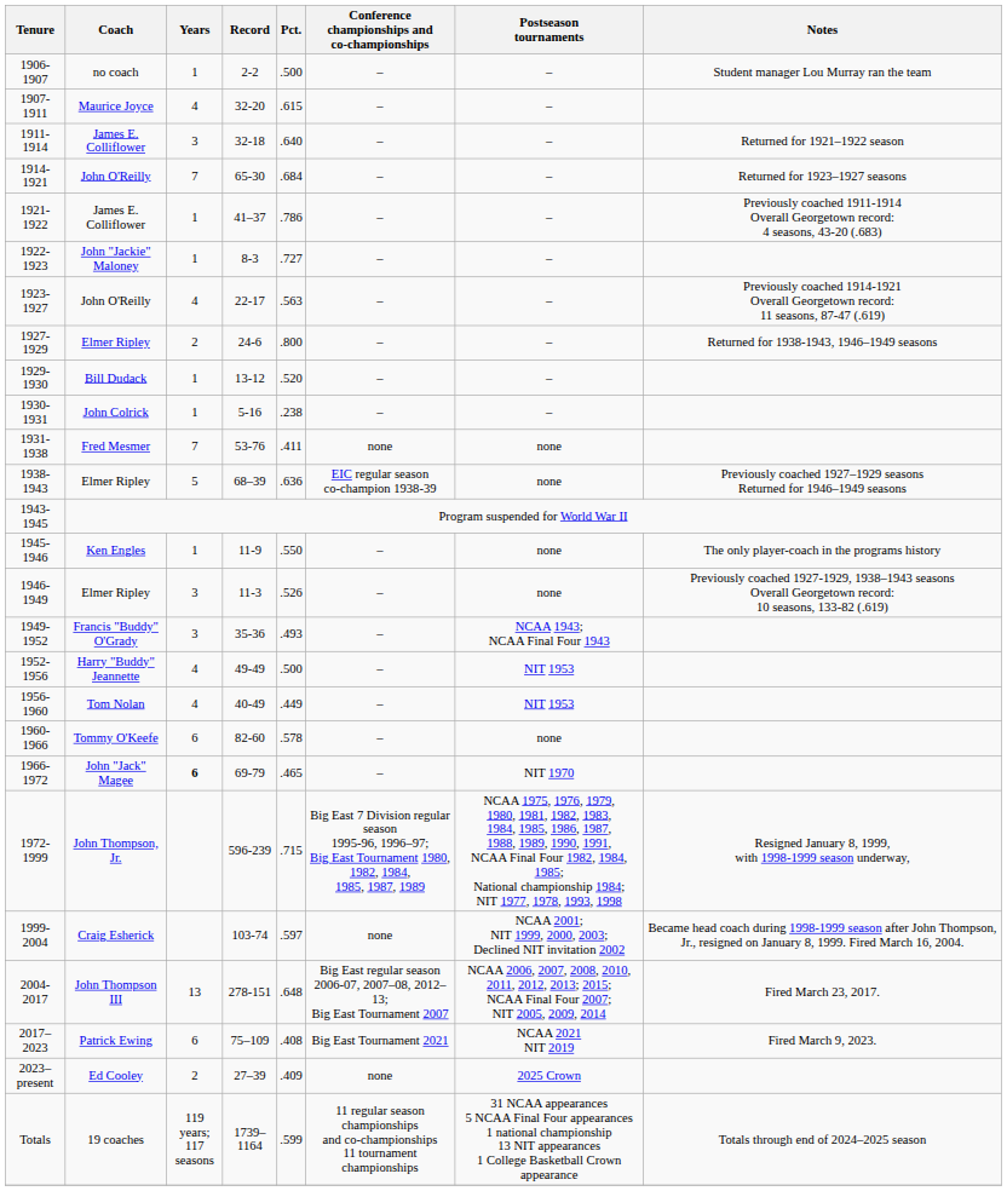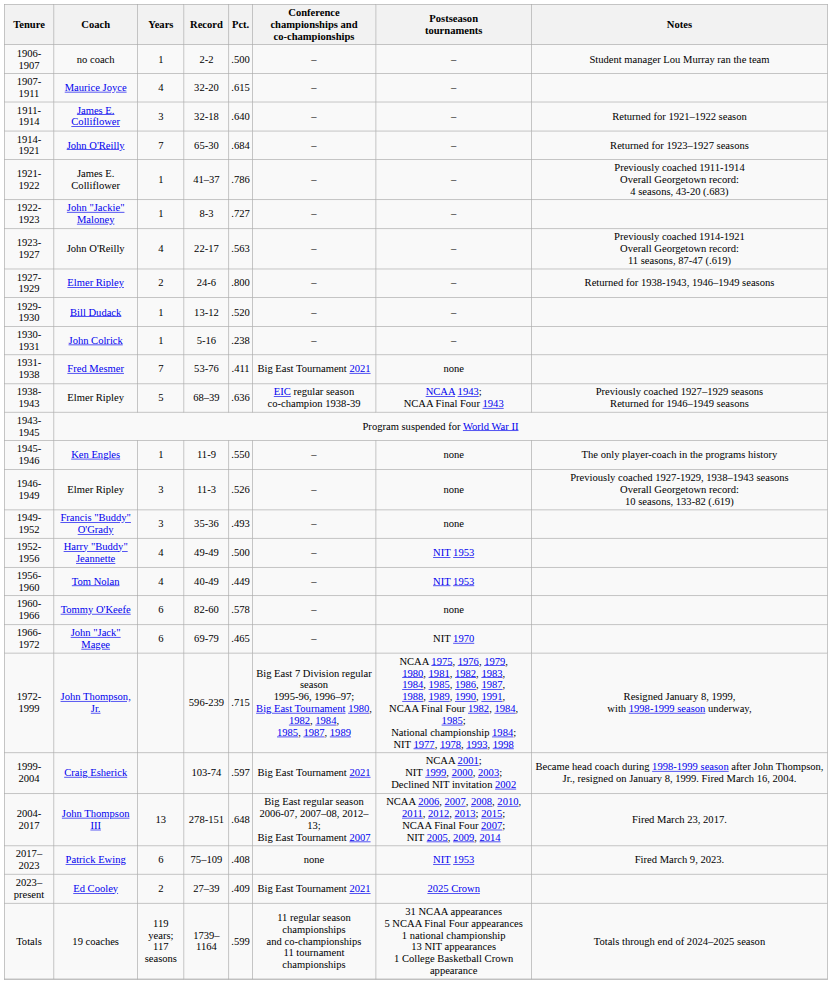 <table class="wikitable" style="text-align:center">
 <tr>
 <th>Tenure</th>
 <th>Coach</th>
 <th>Years</th>
 <th>Record</th>
 <th>Pct.</th>
 <th>Conference<br>championships and<br>co-championships</th>
 <th>Postseason<br>tournaments</th>
 <th>Notes</th>
 </tr>
 <tr>
 <td>1906-1907</td>
 <td>no coach</td>
 <td>1</td>
 <td>2-2</td>
 <td>.500</td>
 <td>–</td>
 <td>–</td>
 <td>Student manager Lou Murray ran the team</td>
 </tr>
 <tr>
 <td>1907-1911</td>
 <td><a href='#'>Maurice Joyce</a></td>
 <td>4</td>
 <td>32-20</td>
 <td>.615</td>
 <td>–</td>
 <td>–</td>
 <td></td>
 </tr>
 <tr>
 <td>1911-1914</td>
 <td><a href='#'>James E. Colliflower</a></td>
 <td>3</td>
 <td>32-18</td>
 <td>.640</td>
 <td>–</td>
 <td>–</td>
 <td>Returned for 1921–1922 season</td>
 </tr>
 <tr>
 <td>1914-1921</td>
 <td><a href='#'>John O'Reilly</a></td>
 <td>7</td>
 <td>65-30</td>
 <td>.684</td>
 <td>–</td>
 <td>–</td>
 <td>Returned for 1923–1927 seasons</td>
 </tr>
 <tr>
 <td>1921-1922</td>
 <td>James E. Colliflower</td>
 <td>1</td>
 <td>41–37</td>
 <td>.786</td>
 <td>–</td>
 <td>–</td>
 <td>Previously coached 1911-1914<br>Overall Georgetown record:<br>4 seasons, 43-20 (.683)</td>
 </tr>
 <tr>
 <td>1922-1923</td>
 <td><a href='#'>John "Jackie" Maloney</a></td>
 <td>1</td>
 <td>8-3</td>
 <td>.727</td>
 <td>–</td>
 <td>–</td>
 <td></td>
 </tr>
 <tr>
 <td>1923-1927</td>
 <td>John O'Reilly</td>
 <td>4</td>
 <td>22-17</td>
 <td>.563</td>
 <td>–</td>
 <td>–</td>
 <td>Previously coached 1914-1921<br>Overall Georgetown record:<br>11 seasons, 87-47 (.619)</td>
 </tr>
 <tr>
 <td>1927-1929</td>
 <td><a href='#'>Elmer Ripley</a></td>
 <td>2</td>
 <td>24-6</td>
 <td>.800</td>
 <td>–</td>
 <td>–</td>
 <td>Returned for 1938-1943, 1946–1949 seasons</td>
 </tr>
 <tr>
 <td>1929-1930</td>
 <td><a href='#'>Bill Dudack</a></td>
 <td>1</td>
 <td>13-12</td>
 <td>.520</td>
 <td>–</td>
 <td>–</td>
 <td></td>
 </tr>
 <tr>
 <td>1930-1931</td>
 <td><a href='#'>John Colrick</a></td>
 <td>1</td>
 <td>5-16</td>
 <td>.238</td>
 <td>–</td>
 <td>–</td>
 <td></td>
 </tr>
 <tr>
 <td>1931-1938</td>
 <td><a href='#'>Fred Mesmer</a></td>
 <td>7</td>
 <td>53-76</td>
 <td>.411</td>
-<td>none</td>
+<td>Big East Tournament <a href='#'>2021</a></td>
 <td>none</td>
 <td></td>
 </tr>
 <tr>
 <td>1938-1943</td>
 <td>Elmer Ripley</td>
 <td>5</td>
 <td>68–39</td>
 <td>.636</td>
 <td><a href='#'>EIC</a> regular season<br>co-champion 1938-39</td>
-<td>none</td>
+<td><a href='#'>NCAA</a> <a href='#'>1943</a>;<br>NCAA Final Four <a href='#'>1943</a></td>
 <td>Previously coached 1927–1929 seasons<br>Returned for 1946–1949 seasons</td>
 </tr>
 <tr>
 <td>1943-1945</td>
 <td colspan="7">Program suspended for <a href='#'>World War II</a></td>
 </tr>
 <tr>
 <td>1945-1946</td>
 <td><a href='#'>Ken Engles</a></td>
 <td>1</td>
 <td>11-9</td>
 <td>.550</td>
 <td>–</td>
 <td>none</td>
 <td>The only player-coach in the programs history</td>
 </tr>
 <tr>
 <td>1946-1949</td>
 <td>Elmer Ripley</td>
 <td>3</td>
 <td>11-3</td>
 <td>.526</td>
 <td>–</td>
 <td>none</td>
 <td>Previously coached 1927-1929, 1938–1943 seasons<br>Overall Georgetown record:<br>10 seasons, 133-82 (.619)</td>
 </tr>
 <tr>
 <td>1949-1952</td>
 <td><a href='#'>Francis "Buddy" O'Grady</a></td>
 <td>3</td>
 <td>35-36</td>
 <td>.493</td>
 <td>–</td>
-<td><a href='#'>NCAA</a> <a href='#'>1943</a>;<br>NCAA Final Four <a href='#'>1943</a></td>
+<td>none</td>
 <td></td>
 </tr>
 <tr>
 <td>1952-1956</td>
 <td><a href='#'>Harry "Buddy" Jeannette</a></td>
 <td>4</td>
 <td>49-49</td>
 <td>.500</td>
 <td>–</td>
 <td><a href='#'>NIT</a> <a href='#'>1953</a></td>
 <td></td>
 </tr>
 <tr>
 <td>1956-1960</td>
 <td><a href='#'>Tom Nolan</a></td>
 <td>4</td>
 <td>40-49</td>
 <td>.449</td>
 <td>–</td>
 <td><a href='#'>NIT</a> <a href='#'>1953</a></td>
 <td></td>
 </tr>
 <tr>
 <td>1960-1966</td>
 <td><a href='#'>Tommy O'Keefe</a></td>
 <td>6</td>
 <td>82-60</td>
 <td>.578</td>
 <td>–</td>
 <td>none</td>
 <td></td>
 </tr>
 <tr>
 <td>1966-1972</td>
 <td><a href='#'>John "Jack" Magee</a></td>
-<td><strong>6</strong></td>
+<td>6</td>
 <td>69-79</td>
 <td>.465</td>
 <td>–</td>
 <td>NIT <a href='#'>1970</a></td>
 <td></td>
 </tr>
 <tr>
 <td>1972-1999</td>
 <td><a href='#'>John Thompson, Jr.</a></td>
 <td></td>
 <td>596-239</td>
 <td>.715</td>
 <td>Big East 7 Division regular season<br>1995-96, 1996–97;<br><a href='#'>Big East Tournament</a> <a href='#'>1980</a>, <a href='#'>1982</a>, <a href='#'>1984</a>,<br><a href='#'>1985</a>, <a href='#'>1987</a>, <a href='#'>1989</a></td>
 <td>NCAA <a href='#'>1975</a>, <a href='#'>1976</a>, <a href='#'>1979</a>,<br><a href='#'>1980</a>, <a href='#'>1981</a>, <a href='#'>1982</a>, <a href='#'>1983</a>,<br><a href='#'>1984</a>, <a href='#'>1985</a>, <a href='#'>1986</a>, <a href='#'>1987</a>,<br><a href='#'>1988</a>, <a href='#'>1989</a>, <a href='#'>1990</a>, <a href='#'>1991</a>,<br>NCAA Final Four <a href='#'>1982</a>, <a href='#'>1984</a>, <a href='#'>1985</a>;<br>National championship <a href='#'>1984</a>;<br>NIT <a href='#'>1977</a>, <a href='#'>1978</a>, <a href='#'>1993</a>, <a href='#'>1998</a></td>
 <td>Resigned January 8, 1999,<br>with <a href='#'>1998-1999 season</a> underway,</td>
 </tr>
 <tr>
 <td>1999-2004</td>
 <td><a href='#'>Craig Esherick</a></td>
 <td></td>
 <td>103-74</td>
 <td>.597</td>
-<td>none</td>
+<td>Big East Tournament <a href='#'>2021</a></td>
 <td>NCAA <a href='#'>2001</a>;<br>NIT <a href='#'>1999</a>, <a href='#'>2000</a>, <a href='#'>2003</a>;<br>Declined NIT invitation <a href='#'>2002</a></td>
 <td>Became head coach during <a href='#'>1998-1999 season</a> after John Thompson, Jr., resigned on January 8, 1999. Fired March 16, 2004.</td>
 </tr>
 <tr>
 <td>2004-2017</td>
 <td><a href='#'>John Thompson III</a></td>
 <td>13</td>
 <td>278-151</td>
 <td>.648</td>
 <td>Big East regular season<br> 2006-07, 2007–08, 2012–13;<br>Big East Tournament <a href='#'>2007</a></td>
 <td>NCAA <a href='#'>2006</a>, <a href='#'>2007</a>, <a href='#'>2008</a>, <a href='#'>2010</a>, <a href='#'>2011</a>, <a href='#'>2012</a>, <a href='#'>2013</a>; <a href='#'>2015</a>;<br>NCAA Final Four <a href='#'>2007</a>;<br>NIT <a href='#'>2005</a>, <a href='#'>2009</a>, <a href='#'>2014</a></td>
 <td>Fired March 23, 2017.</td>
 </tr>
 <tr>
 <td>2017–2023</td>
 <td><a href='#'>Patrick Ewing</a></td>
 <td>6</td>
 <td>75–109</td>
 <td>.408</td>
-<td>Big East Tournament <a href='#'>2021</a></td>
-<td>NCAA <a href='#'>2021</a><br>NIT <a href='#'>2019</a></td>
+<td>none</td>
+<td><a href='#'>NIT</a> <a href='#'>1953</a></td>
 <td>Fired March 9, 2023.</td>
 </tr>
 <tr>
 <td>2023–present</td>
 <td><a href='#'>Ed Cooley</a></td>
 <td>2</td>
 <td>27–39</td>
 <td>.409</td>
-<td>none</td>
+<td>Big East Tournament <a href='#'>2021</a></td>
 <td><a href='#'>2025 Crown</a></td>
 <td></td>
 </tr>
 <tr>
 <td>Totals</td>
 <td>19 coaches</td>
 <td>119 years;<br>117 seasons</td>
 <td>1739–1164</td>
 <td>.599</td>
 <td>11 regular season championships<br>and co-championships<br>11 tournament championships</td>
 <td>31 NCAA appearances<br>5 NCAA Final Four appearances<br>1 national championship<br>13 NIT appearances<br>1 College Basketball Crown appearance</td>
 <td>Totals through end of 2024–2025 season</td>
 </tr>
 <tr>
 </tr>
 </table>
